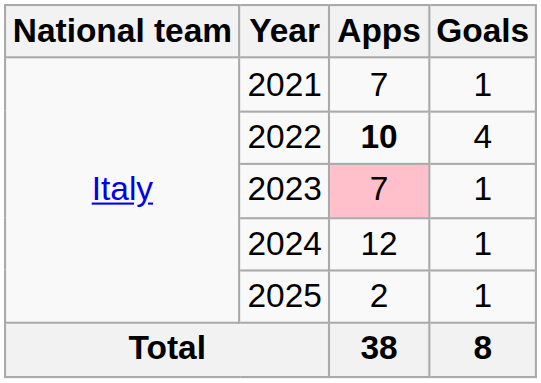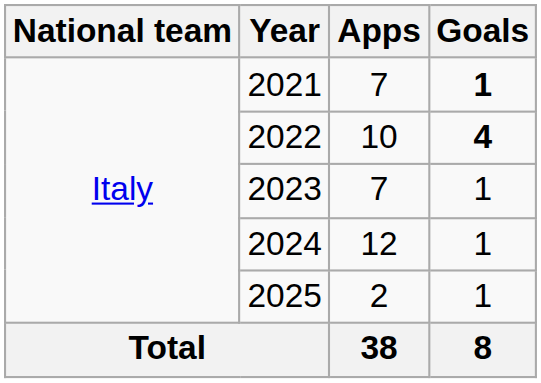 <table class="wikitable" style="text-align:center">
 <tr>
 <th>National team</th>
 <th>Year</th>
 <th>Apps</th>
 <th>Goals</th>
 </tr>
 <tr>
 <td rowspan="5"><a href='#'>Italy</a></td>
 <td>2021</td>
 <td>7</td>
-<td>1</td>
+<td><strong>1</strong></td>
 </tr>
 <tr>
 <td>2022</td>
-<td><strong>10</strong></td>
-<td>4</td>
+<td>10</td>
+<td><strong>4</strong></td>
 </tr>
 <tr>
 <td>2023</td>
-<td style="background: pink;">7</td>
+<td>7</td>
 <td>1</td>
 </tr>
 <tr>
 <td>2024</td>
 <td>12</td>
 <td>1</td>
 </tr>
 <tr>
 <td>2025</td>
 <td>2</td>
 <td>1</td>
 </tr>
 <tr>
 <th colspan="2">Total</th>
 <th>38</th>
 <th>8</th>
 </tr>
 </table>
